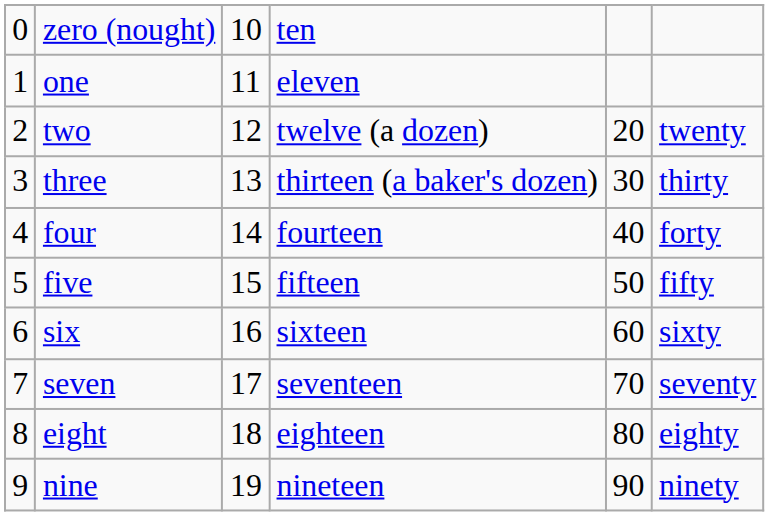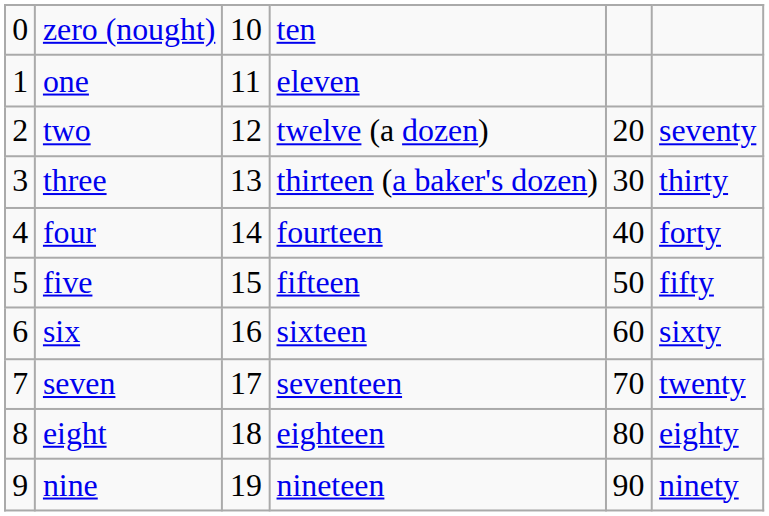 <table class="wikitable">
 <tr>
 <td>0</td>
 <td><a href='#'>zero (nought)</a></td>
 <td>10</td>
 <td><a href='#'>ten</a></td>
 <td> </td>
 <td> </td>
 </tr>
 <tr>
 <td>1</td>
 <td><a href='#'>one</a></td>
 <td>11</td>
 <td><a href='#'>eleven</a></td>
 <td> </td>
 <td> </td>
 </tr>
 <tr>
 <td>2</td>
 <td><a href='#'>two</a></td>
 <td>12</td>
 <td><a href='#'>twelve</a> (a <a href='#'>dozen</a>)</td>
 <td>20</td>
-<td><a href='#'>twenty</a></td>
+<td><a href='#'>seventy</a></td>
 </tr>
 <tr>
 <td>3</td>
 <td><a href='#'>three</a></td>
 <td>13</td>
 <td><a href='#'>thirteen</a> (<a href='#'>a baker's dozen</a>)</td>
 <td>30</td>
 <td><a href='#'>thirty</a></td>
 </tr>
 <tr>
 <td>4</td>
 <td><a href='#'>four</a></td>
 <td>14</td>
 <td><a href='#'>fourteen</a></td>
 <td>40</td>
 <td><a href='#'>forty</a></td>
 </tr>
 <tr>
 <td>5</td>
 <td><a href='#'>five</a></td>
 <td>15</td>
 <td><a href='#'>fifteen</a></td>
 <td>50</td>
 <td><a href='#'>fifty</a></td>
 </tr>
 <tr>
 <td>6</td>
 <td><a href='#'>six</a></td>
 <td>16</td>
 <td><a href='#'>sixteen</a></td>
 <td>60</td>
 <td><a href='#'>sixty</a></td>
 </tr>
 <tr>
 <td>7</td>
 <td><a href='#'>seven</a></td>
 <td>17</td>
 <td><a href='#'>seventeen</a></td>
 <td>70</td>
-<td><a href='#'>seventy</a></td>
+<td><a href='#'>twenty</a></td>
 </tr>
 <tr>
 <td>8</td>
 <td><a href='#'>eight</a></td>
 <td>18</td>
 <td><a href='#'>eighteen</a></td>
 <td>80</td>
 <td><a href='#'>eighty</a></td>
 </tr>
 <tr>
 <td>9</td>
 <td><a href='#'>nine</a></td>
 <td>19</td>
 <td><a href='#'>nineteen</a></td>
 <td>90</td>
 <td><a href='#'>ninety</a></td>
 </tr>
 </table>
